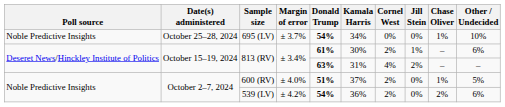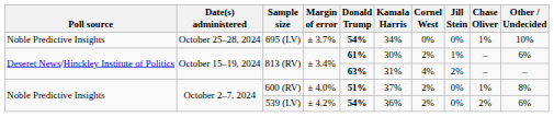 <table class="wikitable sortable mw-datatable" style="font-size:90%;text-align:center;line-height:17px">
 <tr valign=bottom>
 <th>Poll source</th>
 <th>Date(s)<br>administered</th>
 <th>Sample<br>size</th>
 <th>Margin<br>of error</th>
 <th class="unsortable">Donald<br>Trump<br></th>
 <th class="unsortable">Kamala<br>Harris<br></th>
 <th class="unsortable">Cornel<br>West<br></th>
 <th class="unsortable">Jill<br>Stein<br></th>
 <th class="unsortable">Chase<br>Oliver<br></th>
 <th class="unsortable">Other /<br>Undecided</th>
 </tr>
 <tr>
 <td style="text-align:left;">Noble Predictive Insights</td>
 <td data-sort-value="2024-10-28">October 25–28, 2024</td>
 <td>695 (LV)</td>
 <td>± 3.7%</td>
 <td style="background-color:"><strong>54%</strong></td>
 <td>34%</td>
 <td>0%</td>
 <td>0%</td>
 <td>1%</td>
 <td>10%</td>
 </tr>
 <tr>
 <td style="text-align:left;" rowspan="2"><a href='#'>Deseret News</a>/<a href='#'>Hinckley Institute of Politics</a></td>
 <td rowspan="2">October 15–19, 2024</td>
 <td rowspan="2">813 (RV)</td>
 <td rowspan="2">± 3.4%</td>
 <td style="background-color:"><strong>61%</strong></td>
 <td>30%</td>
 <td>2%</td>
 <td>1%</td>
 <td>–</td>
 <td>6%</td>
 </tr>
 <tr>
 <td style="background-color:"><strong>63%</strong></td>
 <td>31%</td>
 <td>4%</td>
 <td>2%</td>
 <td>–</td>
 <td>–</td>
 </tr>
 <tr>
 <td style="text-align:left;" rowspan="2">Noble Predictive Insights</td>
 <td rowspan="2">October 2–7, 2024</td>
 <td>600 (RV)</td>
 <td>± 4.0%</td>
 <td style="background-color:"><strong>51%</strong></td>
 <td>37%</td>
 <td>2%</td>
 <td>0%</td>
 <td>1%</td>
-<td>5%</td>
+<td>8%</td>
 </tr>
 <tr>
 <td>539 (LV)</td>
 <td>± 4.2%</td>
 <td style="background-color:"><strong>54%</strong></td>
 <td>36%</td>
 <td>2%</td>
 <td>0%</td>
 <td>2%</td>
 <td>6%</td>
 </tr>
 </table>
